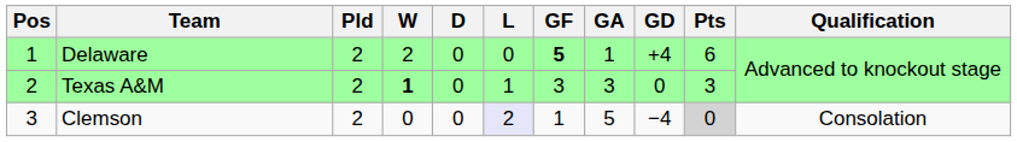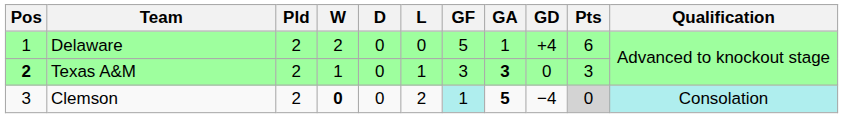 <table class="wikitable" style="text-align:center; margin: 1em auto">
 <tr>
 <th style="width:2em">Pos</th>
 <th style="width:13em">Team</th>
 <th style="width:2em">Pld</th>
 <th style="width:2em">W</th>
 <th style="width:2em">D</th>
 <th style="width:2em">L</th>
 <th style="width:2em">GF</th>
 <th style="width:2em">GA</th>
 <th style="width:2em">GD</th>
 <th style="width:2em">Pts</th>
 <th style="width:13em">Qualification</th>
 </tr>
 <tr bgcolor="#9eff9e">
 <td>1</td>
 <td style="text-align:left">Delaware</td>
 <td>2</td>
 <td>2</td>
 <td>0</td>
 <td>0</td>
-<td><strong>5</strong></td>
+<td>5</td>
 <td>1</td>
 <td>+4</td>
 <td>6</td>
 <td rowspan="2">Advanced to knockout stage</td>
 </tr>
 <tr bgcolor="#9eff9e">
-<td>2</td>
+<td><strong>2</strong></td>
 <td style="text-align:left">Texas A&M</td>
 <td>2</td>
-<td><strong>1</strong></td>
+<td>1</td>
 <td>0</td>
 <td>1</td>
 <td>3</td>
-<td>3</td>
+<td><strong>3</strong></td>
 <td>0</td>
 <td>3</td>
 </tr>
 <tr>
 <td>3</td>
 <td style="text-align:left">Clemson</td>
 <td>2</td>
+<td><strong>0</strong></td>
 <td>0</td>
-<td>0</td>
-<td style="background: lavender;">2</td>
-<td>1</td>
-<td>5</td>
+<td>2</td>
+<td style="background: paleturquoise;">1</td>
+<td><strong>5</strong></td>
 <td>−4</td>
 <td style="background: lightgrey;">0</td>
-<td>Consolation</td>
+<td style="background: paleturquoise;">Consolation</td>
 </tr>
 </table>
